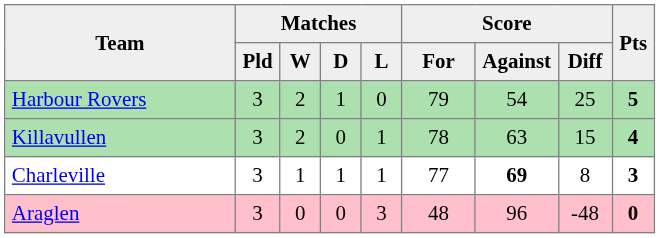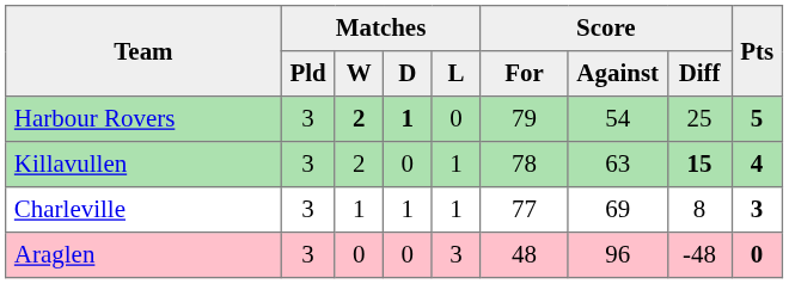 <table style=border-collapse:collapse border=1 cellspacing=0 cellpadding=5>
 <tr align=center bgcolor=#efefef>
 <th rowspan=2 width=165>Team</th>
 <th colspan=4>Matches</th>
 <th colspan=3>Score</th>
 <th rowspan=2width=20>Pts</th>
 </tr>
 <tr align=center bgcolor=#efefef>
 <th width=20>Pld</th>
 <th width=20>W</th>
 <th width=20>D</th>
 <th width=20>L</th>
 <th width=45>For</th>
 <th width=45>Against</th>
 <th width=30>Diff</th>
 </tr>
 <tr align=center style="background:#ACE1AF;">
 <td style="text-align:left;"><a href='#'>Harbour Rovers</a></td>
 <td>3</td>
-<td>2</td>
-<td>1</td>
+<td><strong>2</strong></td>
+<td><strong>1</strong></td>
 <td>0</td>
 <td>79</td>
 <td>54</td>
 <td>25</td>
 <td><strong>5</strong></td>
 </tr>
 <tr align=center style="background:#ACE1AF;">
 <td style="text-align:left;"><a href='#'>Killavullen</a></td>
 <td>3</td>
 <td>2</td>
 <td>0</td>
 <td>1</td>
 <td>78</td>
 <td>63</td>
-<td>15</td>
+<td><strong>15</strong></td>
 <td><strong>4</strong></td>
 </tr>
 <tr align=center>
 <td style="text-align:left;"><a href='#'>Charleville</a></td>
 <td>3</td>
 <td>1</td>
 <td>1</td>
 <td>1</td>
 <td>77</td>
-<td><strong>69</strong></td>
+<td>69</td>
 <td>8</td>
 <td><strong>3</strong></td>
 </tr>
 <tr align=center style="background:#FFC0CB;">
 <td style="text-align:left;"><a href='#'>Araglen</a></td>
 <td>3</td>
 <td>0</td>
 <td>0</td>
 <td>3</td>
 <td>48</td>
 <td>96</td>
 <td>-48</td>
 <td><strong>0</strong></td>
 </tr>
 </table>
